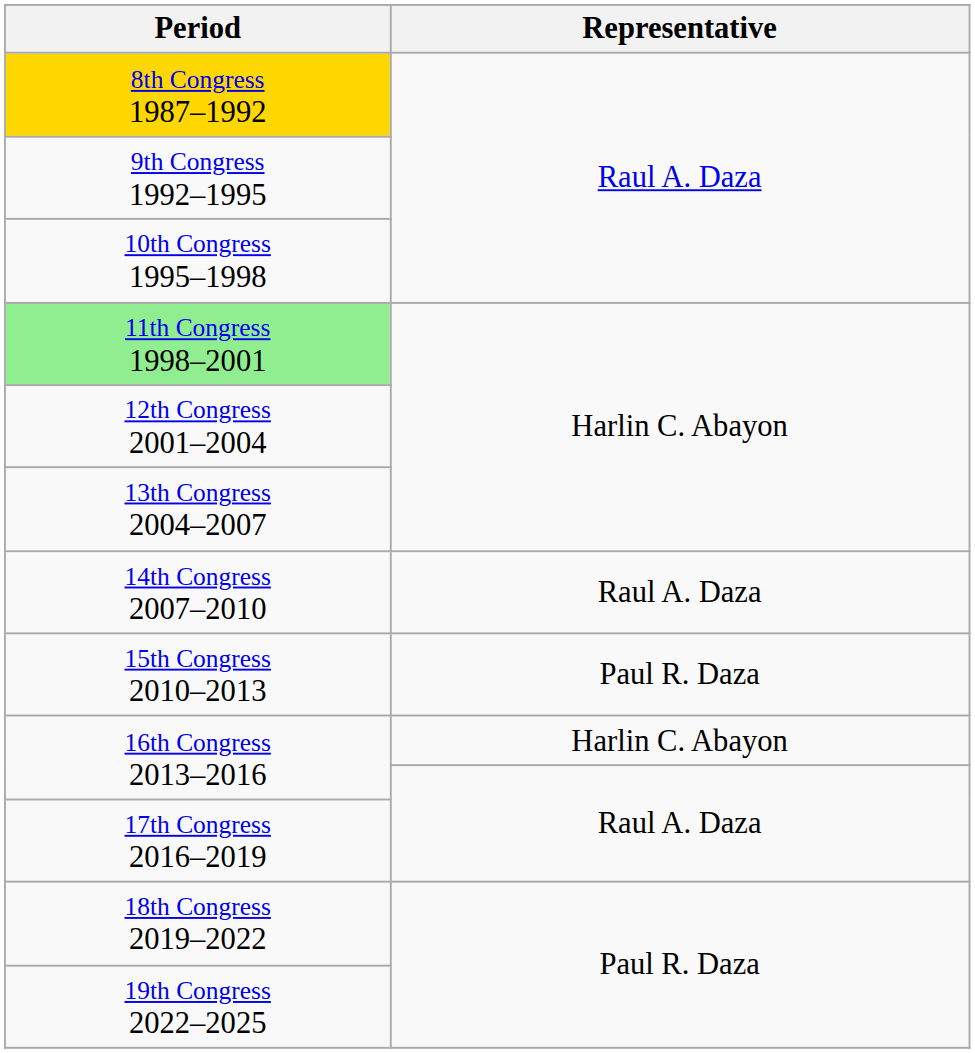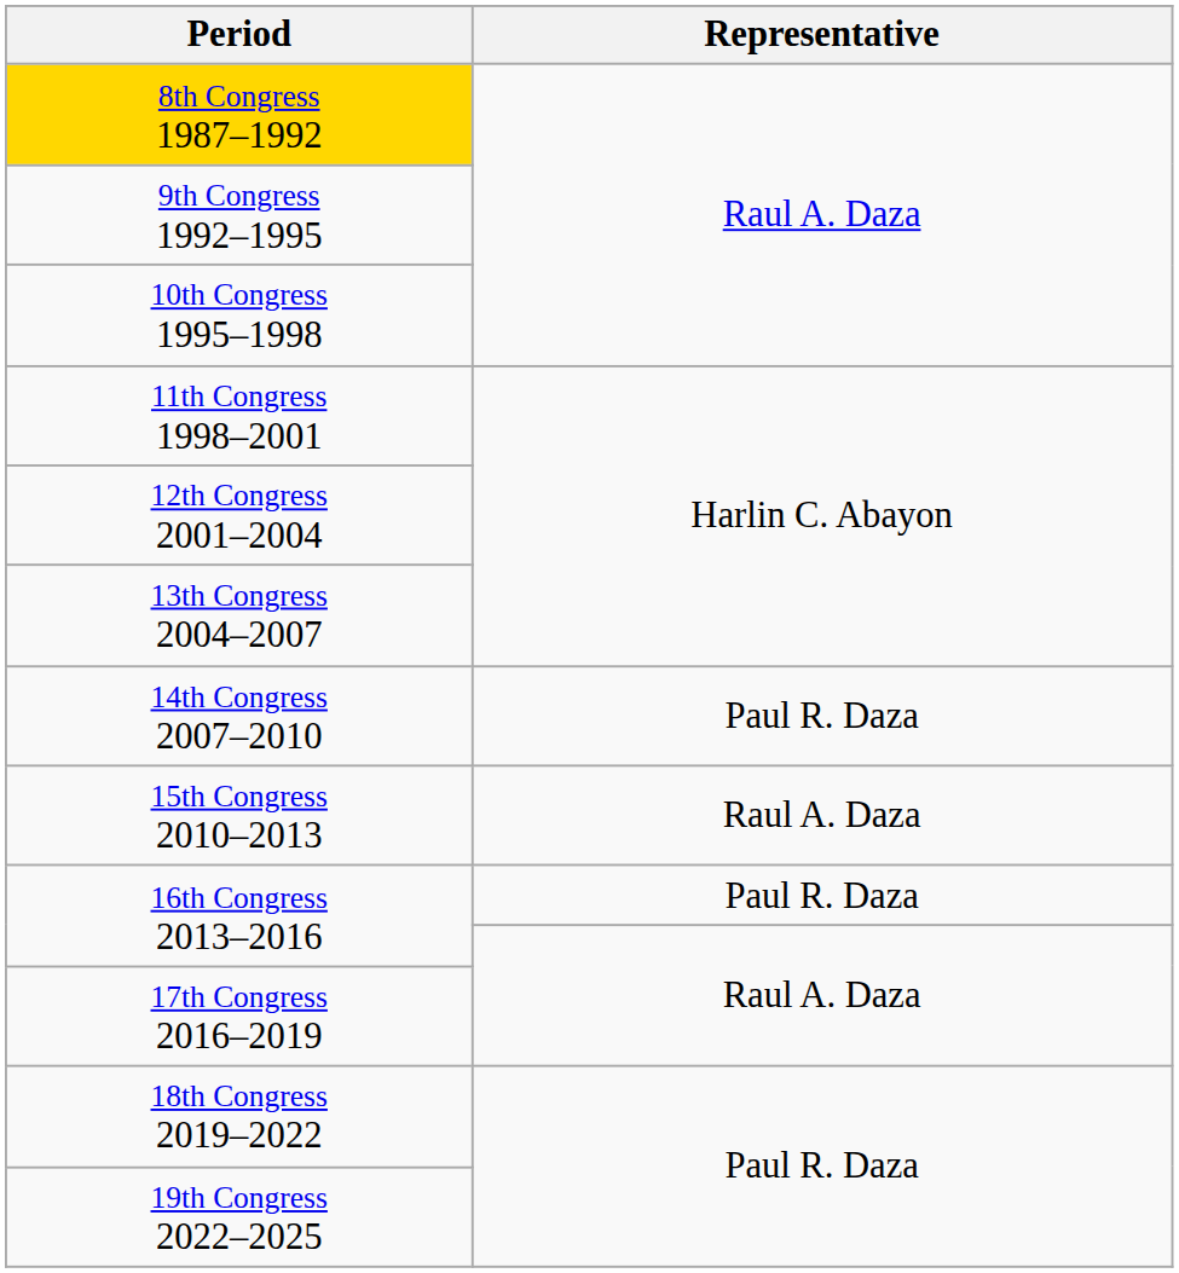 <table class="wikitable" style="text-align:center; width:40%;">
 <tr>
 <th width="40%">Period</th>
 <th>Representative</th>
 </tr>
 <tr>
 <td style="background: gold;"><small><a href='#'>8th Congress</a></small><br>1987–1992</td>
 <td rowspan="3"><a href='#'>Raul A. Daza</a></td>
 </tr>
 <tr>
 <td><small><a href='#'>9th Congress</a></small><br>1992–1995</td>
 </tr>
 <tr>
 <td><small><a href='#'>10th Congress</a></small><br>1995–1998</td>
 </tr>
 <tr>
-<td style="background: lightgreen;"><small><a href='#'>11th Congress</a></small><br>1998–2001</td>
+<td><small><a href='#'>11th Congress</a></small><br>1998–2001</td>
 <td rowspan="3">Harlin C. Abayon</td>
 </tr>
 <tr>
 <td><small><a href='#'>12th Congress</a></small><br>2001–2004</td>
 </tr>
 <tr>
 <td><small><a href='#'>13th Congress</a></small><br>2004–2007</td>
 </tr>
 <tr>
 <td><small><a href='#'>14th Congress</a></small><br>2007–2010</td>
+<td>Paul R. Daza</td>
+</tr>
+<tr>
+<td><small><a href='#'>15th Congress</a></small><br>2010–2013</td>
 <td>Raul A. Daza</td>
 </tr>
 <tr>
-<td><small><a href='#'>15th Congress</a></small><br>2010–2013</td>
+<td rowspan="2"><small><a href='#'>16th Congress</a></small><br>2013–2016</td>
 <td>Paul R. Daza</td>
-</tr>
-<tr>
-<td rowspan="2"><small><a href='#'>16th Congress</a></small><br>2013–2016</td>
-<td>Harlin C. Abayon</td>
 </tr>
 <tr>
 <td rowspan="2">Raul A. Daza</td>
 </tr>
 <tr>
 <td><small><a href='#'>17th Congress</a></small><br>2016–2019</td>
 </tr>
 <tr>
 <td><small><a href='#'>18th Congress</a></small><br>2019–2022</td>
 <td rowspan="2">Paul R. Daza</td>
 </tr>
 <tr>
 <td><small><a href='#'>19th Congress</a></small><br>2022–2025</td>
 </tr>
 </table>
